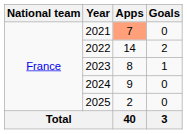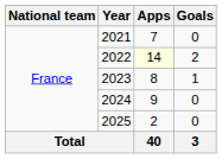 <table class="wikitable" style="text-align: center;">
 <tr>
 <th>National team</th>
 <th>Year</th>
 <th>Apps</th>
 <th>Goals</th>
 </tr>
 <tr>
 <td rowspan="5"><a href='#'>France</a></td>
 <td>2021</td>
-<td style="background: lightsalmon;">7</td>
+<td>7</td>
 <td>0</td>
 </tr>
 <tr>
 <td>2022</td>
-<td>14</td>
+<td style="background: lightyellow;">14</td>
 <td>2</td>
 </tr>
 <tr>
 <td>2023</td>
 <td>8</td>
 <td>1</td>
 </tr>
 <tr>
 <td>2024</td>
 <td>9</td>
 <td>0</td>
 </tr>
 <tr>
 <td>2025</td>
 <td>2</td>
 <td>0</td>
 </tr>
 <tr>
 <th colspan="2">Total</th>
 <th>40</th>
 <th>3</th>
 </tr>
 </table>
